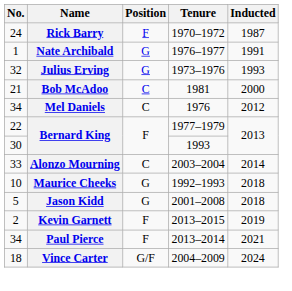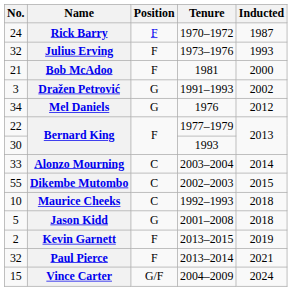 <table class="wikitable" style="text-align:center">
 <tr>
 <th scope="col">No.</th>
 <th scope="col">Name</th>
 <th scope="col">Position</th>
 <th scope="col">Tenure</th>
 <th scope="col">Inducted</th>
 </tr>
 <tr>
 <td>24</td>
 <th scope="row"><a href='#'>Rick Barry</a></th>
 <td><a href='#'>F</a></td>
 <td>1970–1972</td>
 <td>1987</td>
 </tr>
 <tr>
-<td>1</td>
-<th scope="row"><a href='#'>Nate Archibald</a></th>
-<td><a href='#'>G</a></td>
-<td>1976–1977</td>
-<td>1991</td>
-</tr>
-<tr>
 <td>32</td>
 <th scope="row"><a href='#'>Julius Erving</a></th>
-<td><a href='#'>G</a></td>
+<td>F</td>
 <td>1973–1976</td>
 <td>1993</td>
 </tr>
 <tr>
 <td>21</td>
 <th scope="row"><a href='#'>Bob McAdoo</a></th>
-<td><a href='#'>C</a></td>
+<td>F</td>
 <td>1981</td>
 <td>2000</td>
 </tr>
 <tr>
+<td>3</td>
+<th scope="row"><a href='#'>Dražen Petrović</a></th>
+<td>G</td>
+<td>1991–1993</td>
+<td>2002</td>
+</tr>
+<tr>
 <td>34</td>
 <th scope="row"><a href='#'>Mel Daniels</a></th>
-<td>C</td>
+<td>G</td>
 <td>1976</td>
 <td>2012</td>
 </tr>
 <tr>
 <td>22</td>
 <th scope="row" rowspan="2"><a href='#'>Bernard King</a></th>
 <td rowspan="2">F</td>
 <td>1977–1979</td>
 <td rowspan="2">2013</td>
 </tr>
 <tr>
 <td>30</td>
 <td>1993</td>
 </tr>
 <tr>
 <td>33</td>
 <th scope="row"><a href='#'>Alonzo Mourning</a></th>
 <td>C</td>
 <td>2003–2004</td>
 <td>2014</td>
 </tr>
 <tr>
+<td>55</td>
+<th scope="row"><a href='#'>Dikembe Mutombo</a></th>
+<td>C</td>
+<td>2002–2003</td>
+<td>2015</td>
+</tr>
+<tr>
 <td>10</td>
 <th scope="row"><a href='#'>Maurice Cheeks</a></th>
-<td>G</td>
+<td>C</td>
 <td>1992–1993</td>
 <td>2018</td>
 </tr>
 <tr>
 <td>5</td>
 <th scope="row"><a href='#'>Jason Kidd</a></th>
 <td>G</td>
 <td>2001–2008</td>
 <td>2018</td>
 </tr>
 <tr>
 <td>2</td>
 <th scope="row"><a href='#'>Kevin Garnett</a></th>
 <td>F</td>
 <td>2013–2015</td>
 <td>2019</td>
 </tr>
 <tr>
-<td>34</td>
+<td>32</td>
 <th scope="row"><a href='#'>Paul Pierce</a></th>
 <td>F</td>
 <td>2013–2014</td>
 <td>2021</td>
 </tr>
 <tr>
-<td>18</td>
+<td>15</td>
 <th scope="row"><a href='#'>Vince Carter</a></th>
 <td>G/F</td>
 <td>2004–2009</td>
 <td>2024</td>
 </tr>
 </table>
